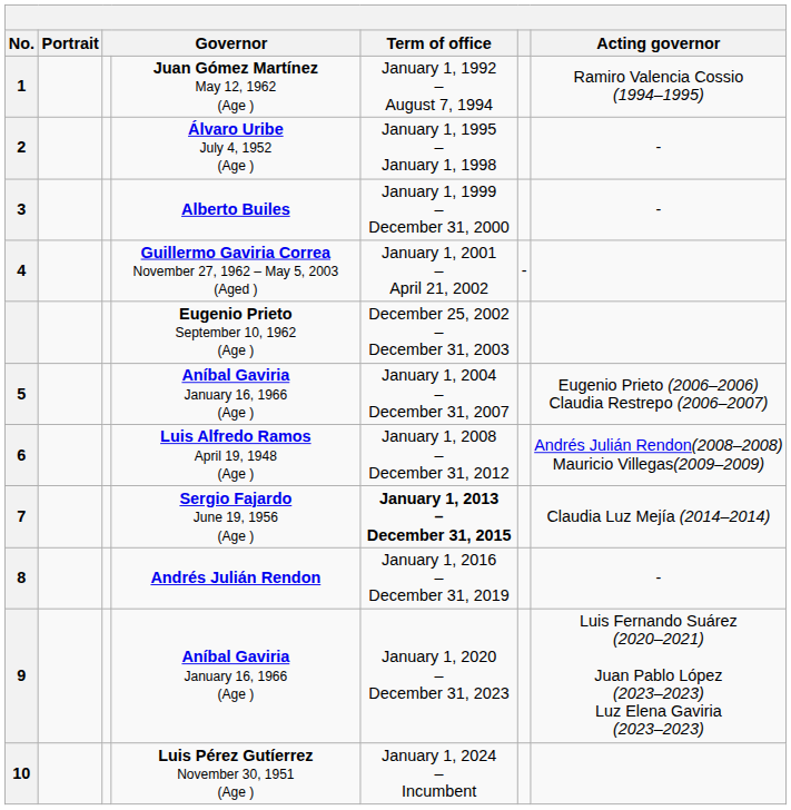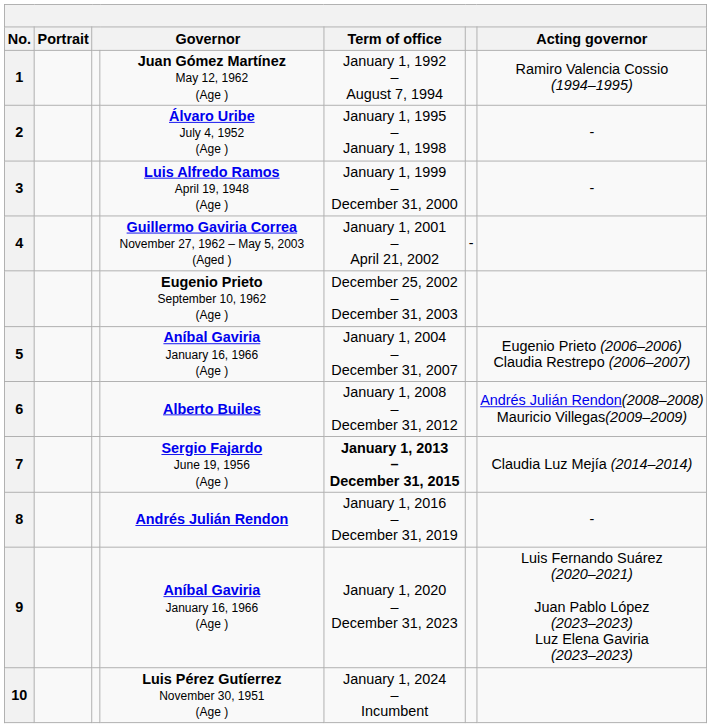 <table class="wikitable" style="text-align: center;">
 <tr>
 <th colspan="11"><br>   </th>
 </tr>
 <tr>
 <th>No.</th>
 <th>Portrait</th>
 <th colspan="2" style="width:250px;">Governor</th>
 <th style="width:150px;">Term of office</th>
 <th></th>
 <th>Acting governor</th>
 </tr>
 <tr>
 <th>1</th>
 <td></td>
 <td></td>
 <td><strong>Juan Gómez Martínez</strong><br><small>May 12, 1962<br>(Age )</small></td>
 <td>January 1, 1992<br>–<br>August 7, 1994</td>
 <td></td>
 <td>Ramiro Valencia Cossio<br><em>(1994–1995)</em></td>
 </tr>
 <tr>
 <th>2</th>
 <td></td>
 <td></td>
 <td><strong><a href='#'>Álvaro Uribe</a></strong><br><small>July 4, 1952<br>(Age )</small></td>
 <td>January 1, 1995<br>–<br>January 1, 1998</td>
 <td></td>
 <td>-</td>
 </tr>
 <tr>
 <th>3</th>
 <td></td>
 <td></td>
-<td><strong><a href='#'>Alberto Builes</a></strong></td>
+<td><strong><a href='#'>Luis Alfredo Ramos</a></strong><br><small>April 19, 1948<br>(Age )</small></td>
 <td>January 1, 1999<br>–<br>December 31, 2000</td>
 <td></td>
 <td>-</td>
 </tr>
 <tr>
 <th>4</th>
 <td></td>
 <td></td>
 <td><strong><a href='#'>Guillermo Gaviria Correa</a></strong><br><small>November 27, 1962 – May 5, 2003<br>(Aged )</small></td>
 <td>January 1, 2001<br>–<br>April 21, 2002</td>
 <td>-</td>
 <td></td>
 </tr>
 <tr>
 <th></th>
 <td></td>
 <td></td>
 <td><strong>Eugenio Prieto</strong><br><small>September 10, 1962<br>(Age )</small></td>
 <td>December 25, 2002<br>–<br>December 31, 2003</td>
 <td></td>
 </tr>
 <tr>
 <th>5</th>
 <td></td>
 <td></td>
 <td><strong><a href='#'>Aníbal Gaviria</a></strong><br><small>January 16, 1966<br>(Age )</small></td>
 <td>January 1, 2004<br>–<br>December 31, 2007</td>
 <td></td>
 <td>Eugenio Prieto <em>(2006–2006)</em><br>Claudia Restrepo <em>(2006–2007)</em></td>
 </tr>
 <tr>
 <th>6</th>
 <td></td>
 <td></td>
-<td><strong><a href='#'>Luis Alfredo Ramos</a></strong><br><small>April 19, 1948<br>(Age )</small></td>
+<td><strong><a href='#'>Alberto Builes</a></strong></td>
 <td>January 1, 2008<br>–<br>December 31, 2012</td>
 <td></td>
 <td><a href='#'>Andrés Julián Rendon</a><em>(2008–2008)</em><br>Mauricio Villegas<em>(2009–2009)</em></td>
 </tr>
 <tr>
 <th>7</th>
 <td></td>
 <td></td>
 <td><strong><a href='#'>Sergio Fajardo</a></strong><br><small>June 19, 1956<br>(Age )</small></td>
 <td><strong>January 1, 2013<br>–<br>December 31, 2015</strong></td>
 <td></td>
 <td>Claudia Luz Mejía <em>(2014–2014)</em></td>
 </tr>
 <tr>
 <th>8</th>
 <td></td>
 <td></td>
 <td><strong><a href='#'>Andrés Julián Rendon</a></strong></td>
 <td>January 1, 2016<br>–<br>December 31, 2019</td>
 <td></td>
 <td>-</td>
 </tr>
 <tr>
 <th>9</th>
 <td></td>
 <td></td>
 <td><strong><a href='#'>Aníbal Gaviria</a></strong><br><small>January 16, 1966<br>(Age )</small></td>
 <td>January 1, 2020<br>–<br>December 31, 2023</td>
 <td></td>
 <td>Luis Fernando Suárez<br><em>(2020–2021)</em><br><br>Juan Pablo López<br><em>(2023–2023)</em><br>Luz Elena Gaviria<br><em>(2023–2023)</em></td>
 </tr>
 <tr>
 <th>10</th>
 <td></td>
 <td></td>
 <td><strong>Luis Pérez Gutíerrez</strong><br><small>November 30, 1951<br>(Age )</small></td>
 <td>January 1, 2024<br>–<br>Incumbent</td>
 <td></td>
 <td></td>
 </tr>
 </table>
